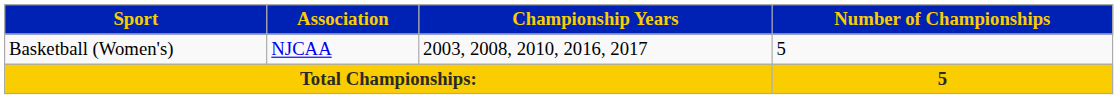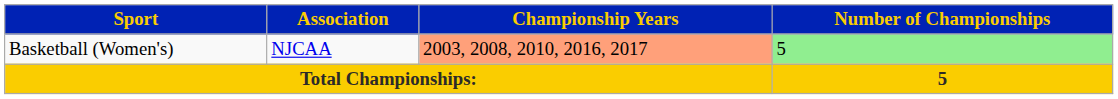 <table cellpadding="1" style="width:75%;" class="wikitable" style="text-align:center;">
 <tr>
 <th style="background:#0022B4;  color:#FACD00;">Sport</th>
 <th style="background:#0022B4; color:#FACD00;">Association</th>
 <th style="background:#0022B4; color:#FACD00;">Championship Years</th>
 <th style="background:#0022B4; color:#FACD00;">Number of Championships</th>
 </tr>
 <tr>
 <td>Basketball (Women's)</td>
 <td><a href='#'>NJCAA</a></td>
-<td>2003, 2008, 2010, 2016, 2017</td>
-<td>5</td>
+<td style="background: lightsalmon;">2003, 2008, 2010, 2016, 2017</td>
+<td style="background: lightgreen;">5</td>
 </tr>
 <tr class="sortbottom">
 <th colspan="3;" style="background:#FACD00; color:#2C2A29;">Total Championships:</th>
 <th colspan="3;" style="background:#FACD00; color:#2C2A29;">5</th>
 </tr>
 </table>
